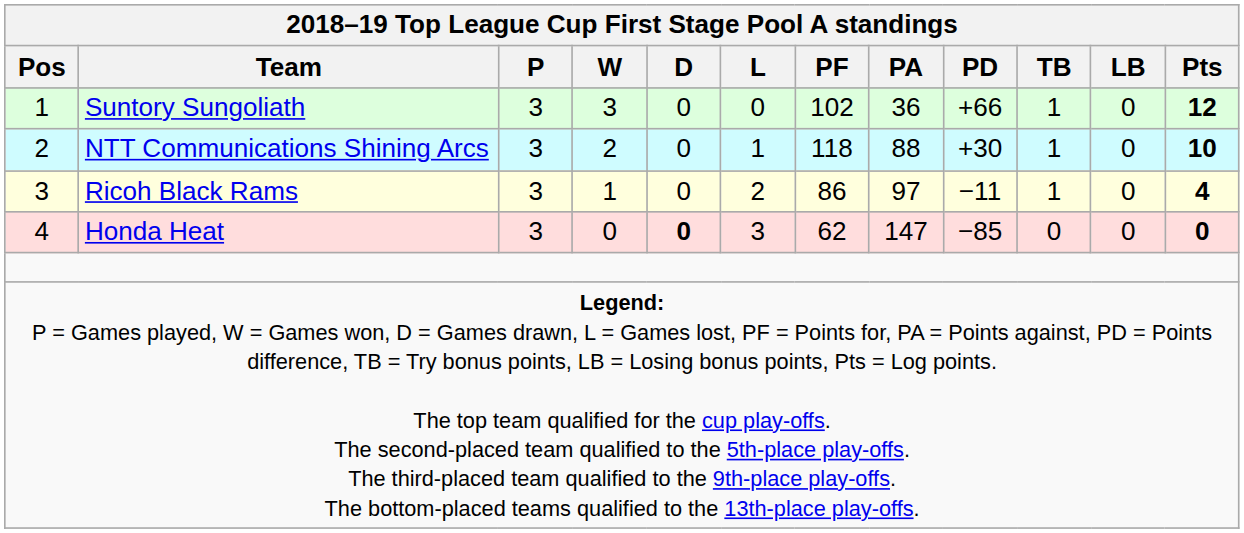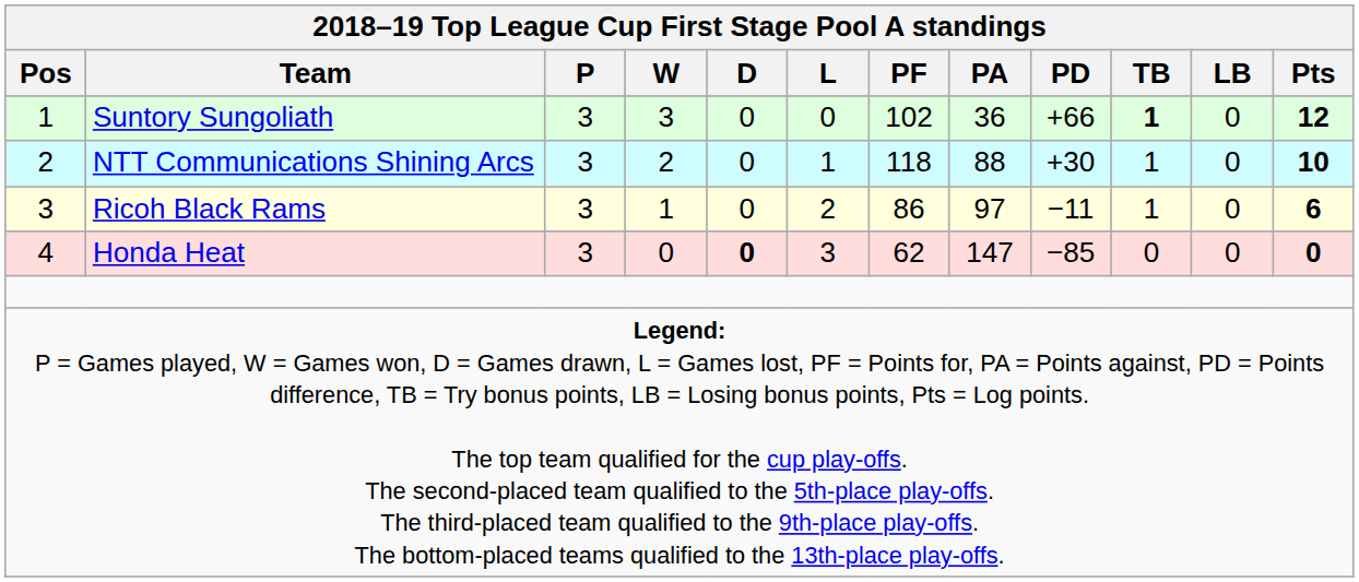 <table class="wikitable" style="text-align:center; font-size:100%; width:60%;">
 <tr>
 <th colspan="100%" cellpadding="0" cellspacing="0"><strong>2018–19 Top League Cup First Stage Pool A standings</strong></th>
 </tr>
 <tr>
 <th style="width:6%;">Pos</th>
 <th style="width:34%;">Team</th>
 <th style="width:6%;">P</th>
 <th style="width:6%;">W</th>
 <th style="width:6%;">D</th>
 <th style="width:6%;">L</th>
 <th style="width:6%;">PF</th>
 <th style="width:6%;">PA</th>
 <th style="width:6%;">PD</th>
 <th style="width:6%;">TB</th>
 <th style="width:6%;">LB</th>
 <th style="width:6%;">Pts<br></th>
 </tr>
 <tr style="background:#DDFFDD;">
 <td>1</td>
 <td style="text-align:left;"><a href='#'>Suntory Sungoliath</a></td>
 <td>3</td>
 <td>3</td>
 <td>0</td>
 <td>0</td>
 <td>102</td>
 <td>36</td>
 <td>+66</td>
-<td>1</td>
+<td><strong>1</strong></td>
 <td>0</td>
 <td><strong>12</strong></td>
 </tr>
 <tr style="background:#CFFCFF;">
 <td>2</td>
 <td style="text-align:left;"><a href='#'>NTT Communications Shining Arcs</a></td>
 <td>3</td>
 <td>2</td>
 <td>0</td>
 <td>1</td>
 <td>118</td>
 <td>88</td>
 <td>+30</td>
 <td>1</td>
 <td>0</td>
 <td><strong>10</strong></td>
 </tr>
 <tr style="background:#FFFFDD;">
 <td>3</td>
 <td style="text-align:left;"><a href='#'>Ricoh Black Rams</a></td>
 <td>3</td>
 <td>1</td>
 <td>0</td>
 <td>2</td>
 <td>86</td>
 <td>97</td>
 <td>−11</td>
 <td>1</td>
 <td>0</td>
-<td><strong>4</strong></td>
+<td><strong>6</strong></td>
 </tr>
 <tr style="background:#FFDDDD;">
 <td>4</td>
 <td style="text-align:left;"><a href='#'>Honda Heat</a></td>
 <td>3</td>
 <td>0</td>
 <td><strong>0</strong></td>
 <td>3</td>
 <td>62</td>
 <td>147</td>
 <td>−85</td>
 <td>0</td>
 <td>0</td>
 <td><strong>0</strong></td>
 </tr>
 <tr>
 <td colspan="100%" style="height:10px;"></td>
 </tr>
 <tr>
 <td colspan="100%"><small><strong>Legend:</strong> <br> P = Games played, W = Games won, D = Games drawn, L = Games lost, PF = Points for, PA = Points against, PD = Points difference, TB = Try bonus points, LB = Losing bonus points, Pts = Log points. <br> <br> <span>The top team</span> qualified for the <a href='#'>cup play-offs</a>. <br> <span>The second-placed team</span> qualified to the <a href='#'>5th-place play-offs</a>. <br> <span>The third-placed team</span> qualified to the <a href='#'>9th-place play-offs</a>. <br> <span>The bottom-placed teams</span> qualified to the <a href='#'>13th-place play-offs</a>.</small></td>
 </tr>
 </table>
